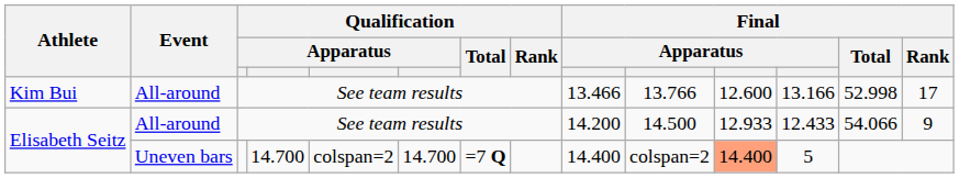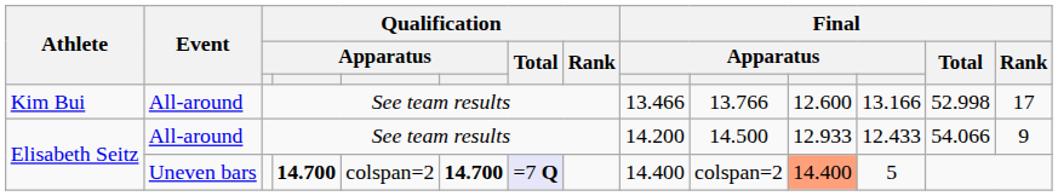 <table class="wikitable" style="font-size:90%">
 <tr>
 <th rowspan=3>Athlete</th>
 <th rowspan=3>Event</th>
 <th colspan=6>Qualification</th>
 <th colspan=6>Final</th>
 </tr>
 <tr style="font-size:95%">
 <th colspan=4>Apparatus</th>
 <th rowspan=2>Total</th>
 <th rowspan=2>Rank</th>
 <th colspan=4>Apparatus</th>
 <th rowspan=2>Total</th>
 <th rowspan=2>Rank</th>
 </tr>
 <tr style="font-size:95%">
 <th></th>
 <th></th>
 <th></th>
 <th></th>
 <th></th>
 <th></th>
 <th></th>
 <th></th>
 </tr>
 <tr align=center>
 <td align=left><a href='#'>Kim Bui</a></td>
 <td align=left><a href='#'>All-around</a></td>
 <td colspan=6><em>See team results</em></td>
 <td>13.466</td>
 <td>13.766</td>
 <td>12.600</td>
 <td>13.166</td>
 <td>52.998</td>
 <td>17</td>
 </tr>
 <tr align=center>
 <td align=left rowspan=2><a href='#'>Elisabeth Seitz</a></td>
 <td align=left><a href='#'>All-around</a></td>
 <td colspan=6><em>See team results</em></td>
 <td>14.200</td>
 <td>14.500</td>
 <td>12.933</td>
 <td>12.433</td>
 <td>54.066</td>
 <td>9</td>
 </tr>
 <tr align=center>
 <td align=left><a href='#'>Uneven bars</a></td>
 <td></td>
-<td>14.700</td>
+<td><strong>14.700</strong></td>
 <td>colspan=2</td>
-<td>14.700</td>
-<td>=7 <strong>Q</strong></td>
+<td><strong>14.700</strong></td>
+<td style="background: lavender;">=7 <strong>Q</strong></td>
 <td></td>
 <td>14.400</td>
 <td>colspan=2</td>
 <td style="background: lightsalmon;">14.400</td>
 <td>5</td>
 </tr>
 </table>
